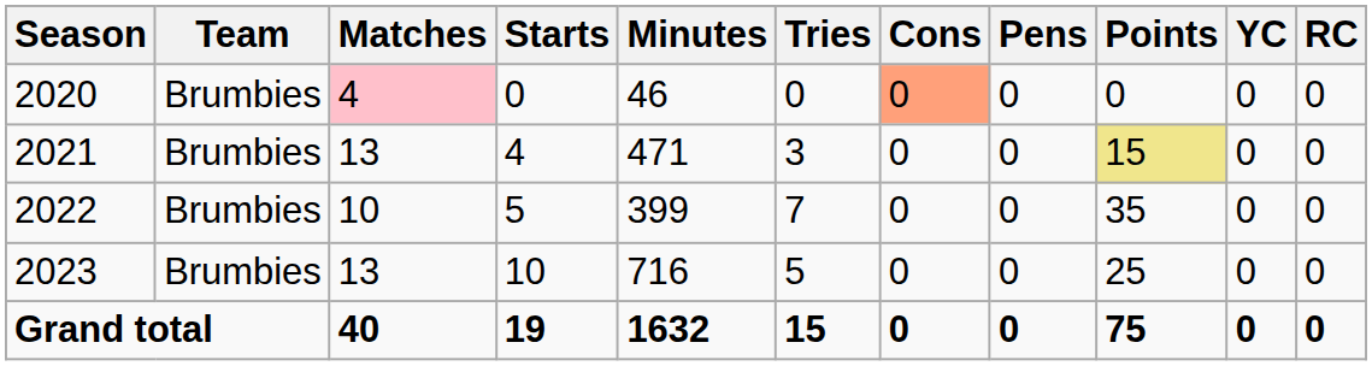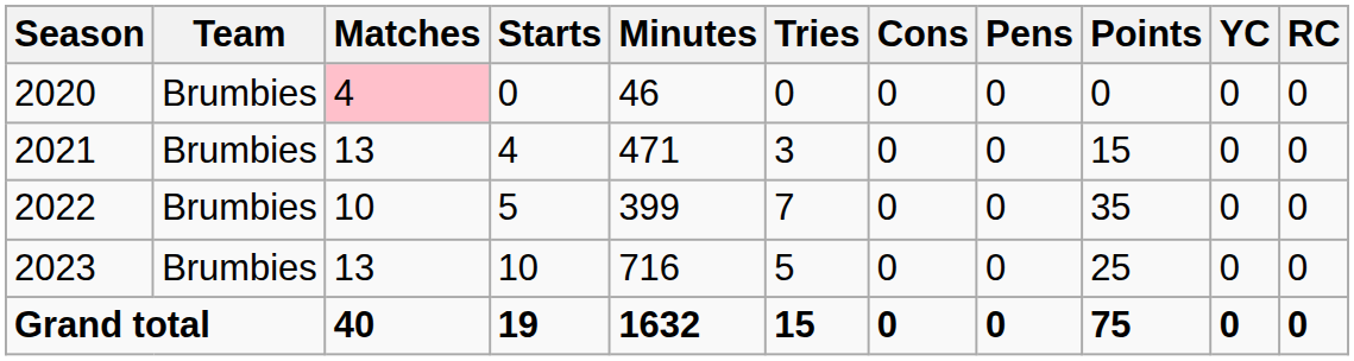 <table class="wikitable">
 <tr>
 <th>Season</th>
 <th>Team</th>
 <th>Matches</th>
 <th>Starts</th>
 <th>Minutes</th>
 <th>Tries</th>
 <th>Cons</th>
 <th>Pens</th>
 <th>Points</th>
 <th>YC</th>
 <th>RC</th>
 </tr>
 <tr>
 <td>2020</td>
 <td>Brumbies</td>
 <td style="background: pink;">4</td>
 <td>0</td>
 <td>46</td>
 <td>0</td>
-<td style="background: lightsalmon;">0</td>
+<td>0</td>
 <td>0</td>
 <td>0</td>
 <td>0</td>
 <td>0</td>
 </tr>
 <tr>
 <td>2021</td>
 <td>Brumbies</td>
 <td>13</td>
 <td>4</td>
 <td>471</td>
 <td>3</td>
 <td>0</td>
 <td>0</td>
-<td style="background: khaki;">15</td>
+<td>15</td>
 <td>0</td>
 <td>0</td>
 </tr>
 <tr>
 <td>2022</td>
 <td>Brumbies</td>
 <td>10</td>
 <td>5</td>
 <td>399</td>
 <td>7</td>
 <td>0</td>
 <td>0</td>
 <td>35</td>
 <td>0</td>
 <td>0</td>
 </tr>
 <tr>
 <td>2023</td>
 <td>Brumbies</td>
 <td>13</td>
 <td>10</td>
 <td>716</td>
 <td>5</td>
 <td>0</td>
 <td>0</td>
 <td>25</td>
 <td>0</td>
 <td>0</td>
 </tr>
 <tr>
 <td colspan="2" rowspan="1"><strong>Grand total</strong></td>
 <td><strong>40</strong></td>
 <td><strong>19</strong></td>
 <td><strong>1632</strong></td>
 <td><strong>15</strong></td>
 <td><strong>0</strong></td>
 <td><strong>0</strong></td>
 <td><strong>75</strong></td>
 <td><strong>0</strong></td>
 <td><strong>0</strong></td>
 </tr>
 </table>
